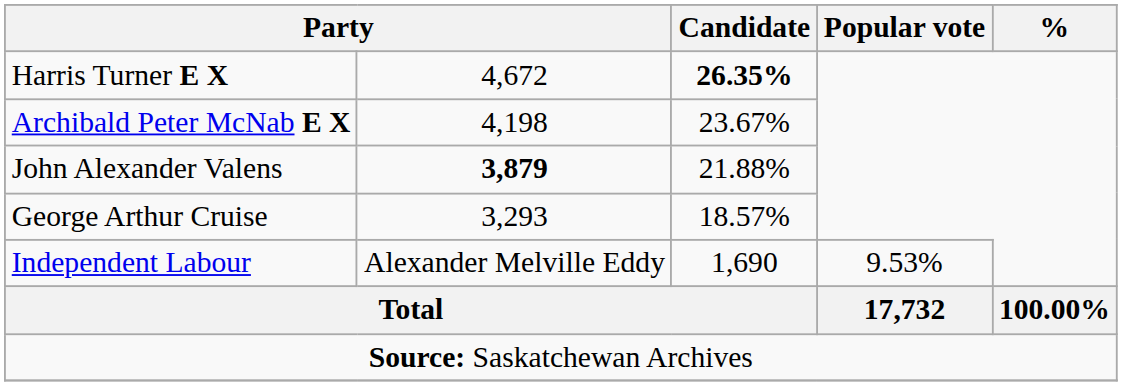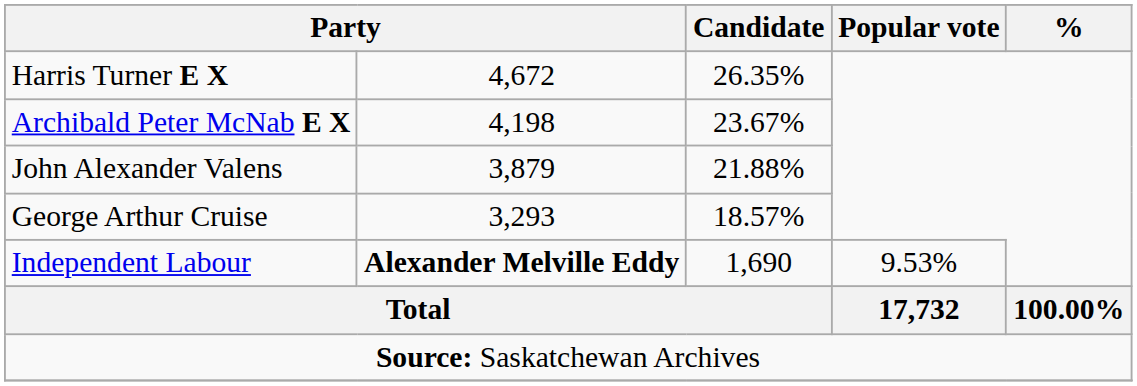 <table class="wikitable">
 <tr>
 <th colspan="2">Party</th>
 <th>Candidate</th>
 <th>Popular vote</th>
 <th>%</th>
 </tr>
 <tr>
 <td>Harris Turner <strong>E X</strong></td>
 <td align=center>4,672</td>
-<td align=center><strong>26.35%</strong></td>
+<td align=center>26.35%</td>
 </tr>
 <tr>
 <td><a href='#'>Archibald Peter McNab</a>  <strong>E X</strong></td>
 <td align=center>4,198</td>
 <td align=center>23.67%</td>
 </tr>
 <tr>
 <td>John Alexander Valens</td>
-<td align=center><strong>3,879</strong></td>
+<td align=center>3,879</td>
 <td align=center>21.88%</td>
 </tr>
 <tr>
 <td>George Arthur Cruise</td>
 <td align=center>3,293</td>
 <td align=center>18.57%</td>
 </tr>
 <tr>
 <td><a href='#'>Independent Labour</a></td>
-<td>Alexander Melville Eddy</td>
+<td><strong>Alexander Melville Eddy</strong></td>
 <td align=center>1,690</td>
 <td align=center>9.53%</td>
 </tr>
 <tr>
 <th colspan=3>Total</th>
 <th>17,732</th>
 <th>100.00%</th>
 </tr>
 <tr>
 <td align="center" colspan=5><strong>Source:</strong> Saskatchewan Archives</td>
 </tr>
 <tr>
 </tr>
 </table>
